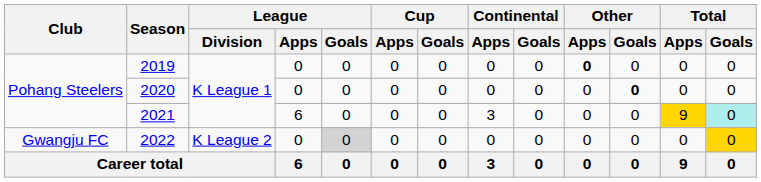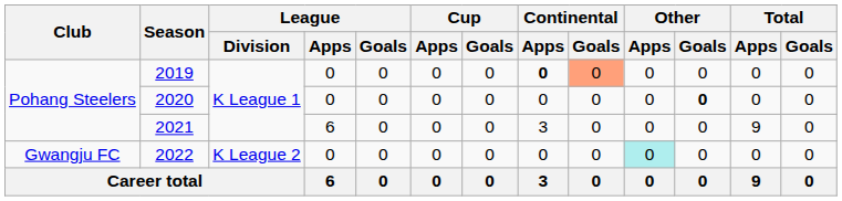 <table class="wikitable" style="text-align: center">
 <tr>
 <th rowspan="2">Club</th>
 <th rowspan="2">Season</th>
 <th colspan="3">League</th>
 <th colspan="2">Cup</th>
 <th colspan="2">Continental</th>
 <th colspan="2">Other</th>
 <th colspan="2">Total</th>
 </tr>
 <tr>
 <th>Division</th>
 <th>Apps</th>
 <th>Goals</th>
 <th>Apps</th>
 <th>Goals</th>
 <th>Apps</th>
 <th>Goals</th>
 <th>Apps</th>
 <th>Goals</th>
 <th>Apps</th>
 <th>Goals</th>
 </tr>
 <tr>
 <td rowspan="3"><a href='#'>Pohang Steelers</a></td>
 <td><a href='#'>2019</a></td>
 <td rowspan="3"><a href='#'>K League 1</a></td>
 <td>0</td>
 <td>0</td>
 <td>0</td>
 <td>0</td>
+<td><strong>0</strong></td>
+<td style="background: lightsalmon;">0</td>
 <td>0</td>
-<td>0</td>
-<td><strong>0</strong></td>
 <td>0</td>
 <td>0</td>
 <td>0</td>
 </tr>
 <tr>
 <td><a href='#'>2020</a></td>
 <td>0</td>
 <td>0</td>
 <td>0</td>
 <td>0</td>
 <td>0</td>
 <td>0</td>
 <td>0</td>
 <td><strong>0</strong></td>
 <td>0</td>
 <td>0</td>
 </tr>
 <tr>
 <td><a href='#'>2021</a></td>
 <td>6</td>
 <td>0</td>
 <td>0</td>
 <td>0</td>
 <td>3</td>
 <td>0</td>
 <td>0</td>
 <td>0</td>
-<td style="background: gold;">9</td>
-<td style="background: paleturquoise;">0</td>
+<td>9</td>
+<td>0</td>
 </tr>
 <tr>
 <td><a href='#'>Gwangju FC</a></td>
 <td><a href='#'>2022</a></td>
 <td><a href='#'>K League 2</a></td>
 <td>0</td>
-<td style="background: lightgrey;">0</td>
 <td>0</td>
 <td>0</td>
 <td>0</td>
 <td>0</td>
 <td>0</td>
+<td style="background: paleturquoise;">0</td>
 <td>0</td>
 <td>0</td>
-<td style="background: gold;">0</td>
+<td>0</td>
 </tr>
 <tr>
 <th colspan=3>Career total</th>
 <th>6</th>
 <th>0</th>
 <th>0</th>
 <th>0</th>
 <th>3</th>
 <th>0</th>
 <th>0</th>
 <th>0</th>
 <th>9</th>
 <th>0</th>
 </tr>
 </table>
